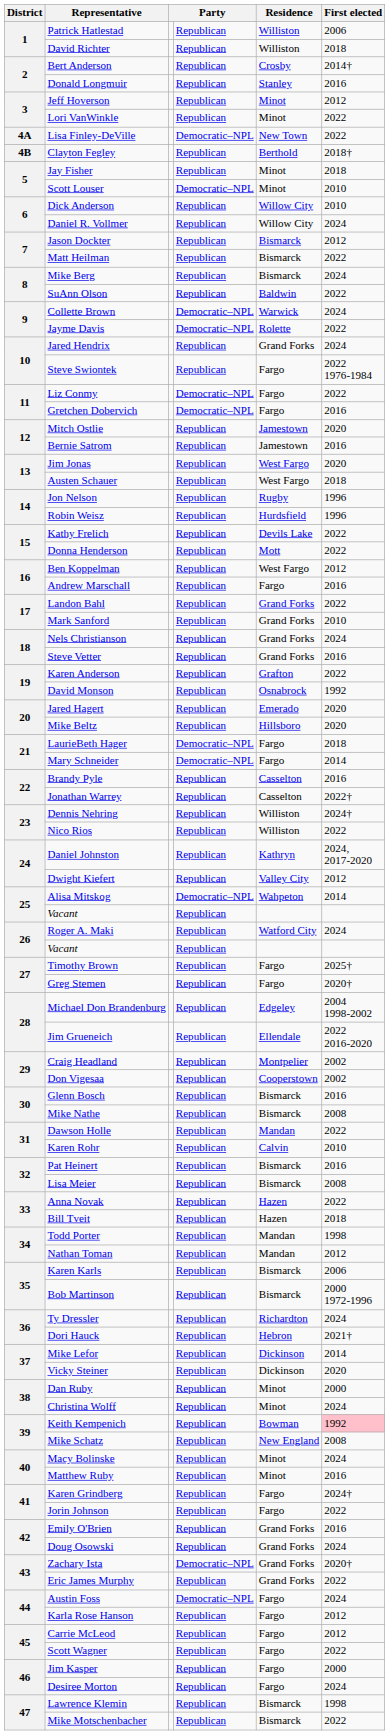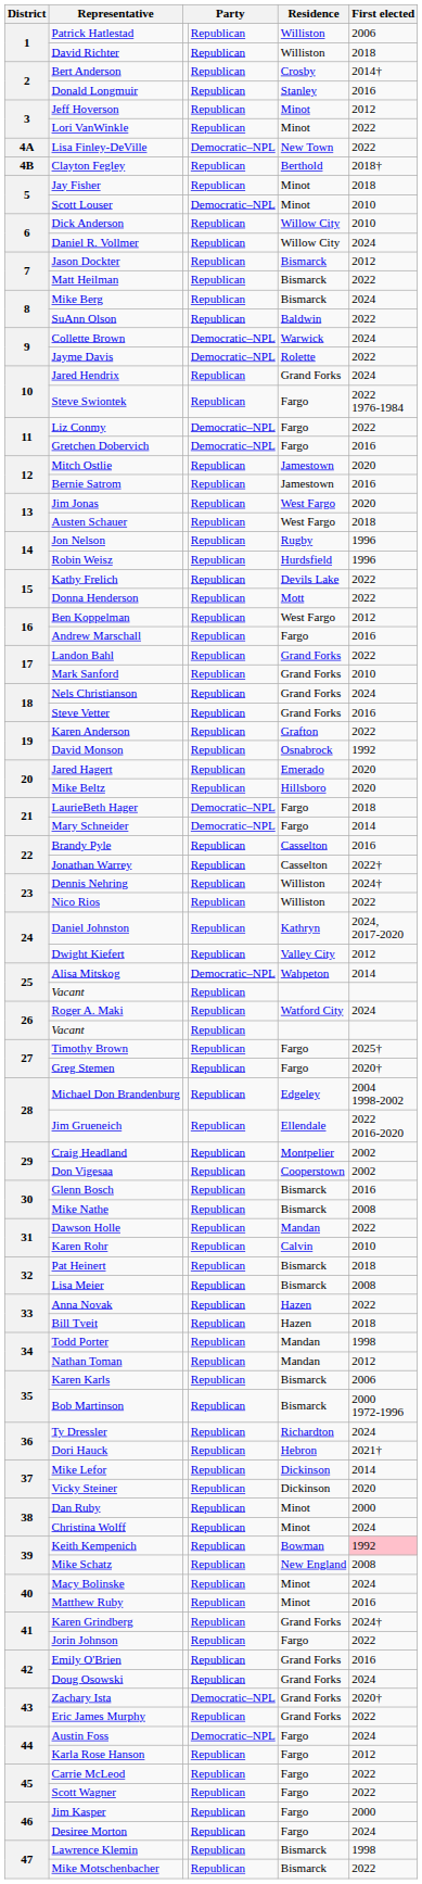 <table class="wikitable sortable">
 <tr>
 <th>District</th>
 <th>Representative</th>
 <th colspan="2">Party</th>
 <th>Residence</th>
 <th>First elected</th>
 </tr>
 <tr>
 <th rowspan=2>1</th>
 <td><a href='#'>Patrick Hatlestad</a></td>
 <td style="background:"></td>
 <td><a href='#'>Republican</a></td>
 <td><a href='#'>Williston</a></td>
 <td>2006</td>
 </tr>
 <tr>
 <td><a href='#'>David Richter</a></td>
 <td style="background:"></td>
 <td><a href='#'>Republican</a></td>
 <td>Williston</td>
 <td>2018</td>
 </tr>
 <tr>
 <th rowspan=2>2</th>
 <td><a href='#'>Bert Anderson</a></td>
 <td style="background:"></td>
 <td><a href='#'>Republican</a></td>
 <td><a href='#'>Crosby</a></td>
 <td>2014†</td>
 </tr>
 <tr>
 <td><a href='#'>Donald Longmuir</a></td>
 <td style="background:"></td>
 <td><a href='#'>Republican</a></td>
 <td><a href='#'>Stanley</a></td>
 <td>2016</td>
 </tr>
 <tr>
 <th rowspan=2>3</th>
 <td><a href='#'>Jeff Hoverson</a></td>
 <td style="background:"></td>
 <td><a href='#'>Republican</a></td>
 <td><a href='#'>Minot</a></td>
 <td>2012</td>
 </tr>
 <tr>
 <td><a href='#'>Lori VanWinkle</a></td>
 <td style="background:"></td>
 <td><a href='#'>Republican</a></td>
 <td>Minot</td>
 <td>2022</td>
 </tr>
 <tr>
 <th>4A</th>
 <td><a href='#'>Lisa Finley-DeVille</a></td>
 <td style="background:"></td>
 <td><a href='#'>Democratic–NPL</a></td>
 <td><a href='#'>New Town</a></td>
 <td>2022</td>
 </tr>
 <tr>
 <th>4B</th>
 <td><a href='#'>Clayton Fegley</a></td>
 <td style="background:"></td>
 <td><a href='#'>Republican</a></td>
 <td><a href='#'>Berthold</a></td>
 <td>2018†</td>
 </tr>
 <tr>
 <th rowspan=2>5</th>
 <td><a href='#'>Jay Fisher</a></td>
 <td style="background:"></td>
 <td><a href='#'>Republican</a></td>
 <td>Minot</td>
 <td>2018</td>
 </tr>
 <tr>
 <td><a href='#'>Scott Louser</a></td>
 <td style="background:"></td>
 <td><a href='#'>Democratic–NPL</a></td>
 <td>Minot</td>
 <td>2010</td>
 </tr>
 <tr>
 <th rowspan=2>6</th>
 <td><a href='#'>Dick Anderson</a></td>
 <td style="background:"></td>
 <td><a href='#'>Republican</a></td>
 <td><a href='#'>Willow City</a></td>
 <td>2010</td>
 </tr>
 <tr>
 <td><a href='#'>Daniel R. Vollmer</a></td>
 <td style="background:"></td>
 <td><a href='#'>Republican</a></td>
 <td>Willow City</td>
 <td>2024</td>
 </tr>
 <tr>
 <th rowspan=2>7</th>
 <td><a href='#'>Jason Dockter</a></td>
 <td style="background:"></td>
 <td><a href='#'>Republican</a></td>
 <td><a href='#'>Bismarck</a></td>
 <td>2012</td>
 </tr>
 <tr>
 <td><a href='#'>Matt Heilman</a></td>
 <td style="background:"></td>
 <td><a href='#'>Republican</a></td>
 <td>Bismarck</td>
 <td>2022</td>
 </tr>
 <tr>
 <th rowspan=2>8</th>
 <td><a href='#'>Mike Berg</a></td>
 <td style="background:"></td>
 <td><a href='#'>Republican</a></td>
 <td>Bismarck</td>
 <td>2024</td>
 </tr>
 <tr>
 <td><a href='#'>SuAnn Olson</a></td>
 <td style="background:"></td>
 <td><a href='#'>Republican</a></td>
 <td><a href='#'>Baldwin</a></td>
 <td>2022</td>
 </tr>
 <tr>
 <th rowspan=2>9</th>
 <td><a href='#'>Collette Brown</a></td>
 <td style="background:"></td>
 <td><a href='#'>Democratic–NPL</a></td>
 <td><a href='#'>Warwick</a></td>
 <td>2024</td>
 </tr>
 <tr>
 <td><a href='#'>Jayme Davis</a></td>
 <td style="background:"></td>
 <td><a href='#'>Democratic–NPL</a></td>
 <td><a href='#'>Rolette</a></td>
 <td>2022</td>
 </tr>
 <tr>
 <th rowspan=2>10</th>
 <td><a href='#'>Jared Hendrix</a></td>
 <td style="background:"></td>
 <td><a href='#'>Republican</a></td>
 <td>Grand Forks</td>
 <td>2024</td>
 </tr>
 <tr>
 <td><a href='#'>Steve Swiontek</a></td>
 <td style="background:"></td>
 <td><a href='#'>Republican</a></td>
 <td>Fargo</td>
 <td>2022<br>1976-1984</td>
 </tr>
 <tr>
 <th rowspan=2>11</th>
 <td><a href='#'>Liz Conmy</a></td>
 <td style="background:"></td>
 <td><a href='#'>Democratic–NPL</a></td>
 <td>Fargo</td>
 <td>2022</td>
 </tr>
 <tr>
 <td><a href='#'>Gretchen Dobervich</a></td>
 <td style="background:"></td>
 <td><a href='#'>Democratic–NPL</a></td>
 <td>Fargo</td>
 <td>2016</td>
 </tr>
 <tr>
 <th rowspan=2>12</th>
 <td><a href='#'>Mitch Ostlie</a></td>
 <td style="background:"></td>
 <td><a href='#'>Republican</a></td>
 <td><a href='#'>Jamestown</a></td>
 <td>2020</td>
 </tr>
 <tr>
 <td><a href='#'>Bernie Satrom</a></td>
 <td style="background:"></td>
 <td><a href='#'>Republican</a></td>
 <td>Jamestown</td>
 <td>2016</td>
 </tr>
 <tr>
 <th rowspan=2>13</th>
 <td><a href='#'>Jim Jonas</a></td>
 <td style="background:"></td>
 <td><a href='#'>Republican</a></td>
 <td><a href='#'>West Fargo</a></td>
 <td>2020</td>
 </tr>
 <tr>
 <td><a href='#'>Austen Schauer</a></td>
 <td style="background:"></td>
 <td><a href='#'>Republican</a></td>
 <td>West Fargo</td>
 <td>2018</td>
 </tr>
 <tr>
 <th rowspan=2>14</th>
 <td><a href='#'>Jon Nelson</a></td>
 <td style="background:"></td>
 <td><a href='#'>Republican</a></td>
 <td><a href='#'>Rugby</a></td>
 <td>1996</td>
 </tr>
 <tr>
 <td><a href='#'>Robin Weisz</a></td>
 <td style="background:"></td>
 <td><a href='#'>Republican</a></td>
 <td><a href='#'>Hurdsfield</a></td>
 <td>1996</td>
 </tr>
 <tr>
 <th rowspan=2>15</th>
 <td><a href='#'>Kathy Frelich</a></td>
 <td style="background:"></td>
 <td><a href='#'>Republican</a></td>
 <td><a href='#'>Devils Lake</a></td>
 <td>2022</td>
 </tr>
 <tr>
 <td><a href='#'>Donna Henderson</a></td>
 <td style="background:"></td>
 <td><a href='#'>Republican</a></td>
 <td><a href='#'>Mott</a></td>
 <td>2022</td>
 </tr>
 <tr>
 <th rowspan=2>16</th>
 <td><a href='#'>Ben Koppelman</a></td>
 <td style="background:"></td>
 <td><a href='#'>Republican</a></td>
 <td>West Fargo</td>
 <td>2012</td>
 </tr>
 <tr>
 <td><a href='#'>Andrew Marschall</a></td>
 <td style="background:"></td>
 <td><a href='#'>Republican</a></td>
 <td>Fargo</td>
 <td>2016</td>
 </tr>
 <tr>
 <th rowspan=2>17</th>
 <td><a href='#'>Landon Bahl</a></td>
 <td style="background:"></td>
 <td><a href='#'>Republican</a></td>
 <td><a href='#'>Grand Forks</a></td>
 <td>2022</td>
 </tr>
 <tr>
 <td><a href='#'>Mark Sanford</a></td>
 <td style="background:"></td>
 <td><a href='#'>Republican</a></td>
 <td>Grand Forks</td>
 <td>2010</td>
 </tr>
 <tr>
 <th rowspan=2>18</th>
 <td><a href='#'>Nels Christianson</a></td>
 <td style="background:"></td>
 <td><a href='#'>Republican</a></td>
 <td>Grand Forks</td>
 <td>2024</td>
 </tr>
 <tr>
 <td><a href='#'>Steve Vetter</a></td>
 <td style="background:"></td>
 <td><a href='#'>Republican</a></td>
 <td>Grand Forks</td>
 <td>2016</td>
 </tr>
 <tr>
 <th rowspan=2>19</th>
 <td><a href='#'>Karen Anderson</a></td>
 <td style="background:"></td>
 <td><a href='#'>Republican</a></td>
 <td><a href='#'>Grafton</a></td>
 <td>2022</td>
 </tr>
 <tr>
 <td><a href='#'>David Monson</a></td>
 <td style="background:"></td>
 <td><a href='#'>Republican</a></td>
 <td><a href='#'>Osnabrock</a></td>
 <td>1992</td>
 </tr>
 <tr>
 <th rowspan=2>20</th>
 <td><a href='#'>Jared Hagert</a></td>
 <td style="background:"></td>
 <td><a href='#'>Republican</a></td>
 <td><a href='#'>Emerado</a></td>
 <td>2020</td>
 </tr>
 <tr>
 <td><a href='#'>Mike Beltz</a></td>
 <td style="background:"></td>
 <td><a href='#'>Republican</a></td>
 <td><a href='#'>Hillsboro</a></td>
 <td>2020</td>
 </tr>
 <tr>
 <th rowspan=2>21</th>
 <td><a href='#'>LaurieBeth Hager</a></td>
 <td style="background:"></td>
 <td><a href='#'>Democratic–NPL</a></td>
 <td>Fargo</td>
 <td>2018</td>
 </tr>
 <tr>
 <td><a href='#'>Mary Schneider</a></td>
 <td style="background:"></td>
 <td><a href='#'>Democratic–NPL</a></td>
 <td>Fargo</td>
 <td>2014</td>
 </tr>
 <tr>
 <th rowspan=2>22</th>
 <td><a href='#'>Brandy Pyle</a></td>
 <td style="background:"></td>
 <td><a href='#'>Republican</a></td>
 <td><a href='#'>Casselton</a></td>
 <td>2016</td>
 </tr>
 <tr>
 <td><a href='#'>Jonathan Warrey</a></td>
 <td style="background:"></td>
 <td><a href='#'>Republican</a></td>
 <td>Casselton</td>
 <td>2022†</td>
 </tr>
 <tr>
 <th rowspan=2>23</th>
 <td><a href='#'>Dennis Nehring</a></td>
 <td style="background:"></td>
 <td><a href='#'>Republican</a></td>
 <td>Williston</td>
 <td>2024†</td>
 </tr>
 <tr>
 <td><a href='#'>Nico Rios</a></td>
 <td style="background:"></td>
 <td><a href='#'>Republican</a></td>
 <td>Williston</td>
 <td>2022</td>
 </tr>
 <tr>
 <th rowspan=2>24</th>
 <td><a href='#'>Daniel Johnston</a></td>
 <td style="background:"></td>
 <td><a href='#'>Republican</a></td>
 <td><a href='#'>Kathryn</a></td>
 <td>2024,<br>2017-2020</td>
 </tr>
 <tr>
 <td><a href='#'>Dwight Kiefert</a></td>
 <td style="background:"></td>
 <td><a href='#'>Republican</a></td>
 <td><a href='#'>Valley City</a></td>
 <td>2012</td>
 </tr>
 <tr>
 <th rowspan=2>25</th>
 <td><a href='#'>Alisa Mitskog</a></td>
 <td style="background:"></td>
 <td><a href='#'>Democratic–NPL</a></td>
 <td><a href='#'>Wahpeton</a></td>
 <td>2014</td>
 </tr>
 <tr>
 <td><em>Vacant</em></td>
 <td style="background:"></td>
 <td><a href='#'>Republican</a></td>
 <td></td>
 <td></td>
 </tr>
 <tr>
 <th rowspan=2>26</th>
 <td><a href='#'>Roger A. Maki</a></td>
 <td style="background:"></td>
 <td><a href='#'>Republican</a></td>
 <td><a href='#'>Watford City</a></td>
 <td>2024</td>
 </tr>
 <tr>
 <td><em>Vacant</em></td>
 <td style="background:"></td>
 <td><a href='#'>Republican</a></td>
 <td></td>
 <td></td>
 </tr>
 <tr>
 <th rowspan=2>27</th>
 <td><a href='#'>Timothy Brown</a></td>
 <td style="background:"></td>
 <td><a href='#'>Republican</a></td>
 <td>Fargo</td>
 <td>2025†</td>
 </tr>
 <tr>
 <td><a href='#'>Greg Stemen</a></td>
 <td style="background:"></td>
 <td><a href='#'>Republican</a></td>
 <td>Fargo</td>
 <td>2020†</td>
 </tr>
 <tr>
 <th rowspan=2>28</th>
 <td><a href='#'>Michael Don Brandenburg</a></td>
 <td style="background:"></td>
 <td><a href='#'>Republican</a></td>
 <td><a href='#'>Edgeley</a></td>
 <td>2004<br>1998-2002</td>
 </tr>
 <tr>
 <td><a href='#'>Jim Grueneich</a></td>
 <td style="background:"></td>
 <td><a href='#'>Republican</a></td>
 <td><a href='#'>Ellendale</a></td>
 <td>2022<br>2016-2020</td>
 </tr>
 <tr>
 <th rowspan=2>29</th>
 <td><a href='#'>Craig Headland</a></td>
 <td style="background:"></td>
 <td><a href='#'>Republican</a></td>
 <td><a href='#'>Montpelier</a></td>
 <td>2002</td>
 </tr>
 <tr>
 <td><a href='#'>Don Vigesaa</a></td>
 <td style="background:"></td>
 <td><a href='#'>Republican</a></td>
 <td><a href='#'>Cooperstown</a></td>
 <td>2002</td>
 </tr>
 <tr>
 <th rowspan=2>30</th>
 <td><a href='#'>Glenn Bosch</a></td>
 <td style="background:"></td>
 <td><a href='#'>Republican</a></td>
 <td>Bismarck</td>
 <td>2016</td>
 </tr>
 <tr>
 <td><a href='#'>Mike Nathe</a></td>
 <td style="background:"></td>
 <td><a href='#'>Republican</a></td>
 <td>Bismarck</td>
 <td>2008</td>
 </tr>
 <tr>
 <th rowspan=2>31</th>
 <td><a href='#'>Dawson Holle</a></td>
 <td style="background:"></td>
 <td><a href='#'>Republican</a></td>
 <td><a href='#'>Mandan</a></td>
 <td>2022</td>
 </tr>
 <tr>
 <td><a href='#'>Karen Rohr</a></td>
 <td style="background:"></td>
 <td><a href='#'>Republican</a></td>
 <td><a href='#'>Calvin</a></td>
 <td>2010</td>
 </tr>
 <tr>
 <th rowspan=2>32</th>
 <td><a href='#'>Pat Heinert</a></td>
 <td style="background:"></td>
 <td><a href='#'>Republican</a></td>
 <td>Bismarck</td>
-<td>2016</td>
+<td>2018</td>
 </tr>
 <tr>
 <td><a href='#'>Lisa Meier</a></td>
 <td style="background:"></td>
 <td><a href='#'>Republican</a></td>
 <td>Bismarck</td>
 <td>2008</td>
 </tr>
 <tr>
 <th rowspan=2>33</th>
 <td><a href='#'>Anna Novak</a></td>
 <td style="background:"></td>
 <td><a href='#'>Republican</a></td>
 <td><a href='#'>Hazen</a></td>
 <td>2022</td>
 </tr>
 <tr>
 <td><a href='#'>Bill Tveit</a></td>
 <td style="background:"></td>
 <td><a href='#'>Republican</a></td>
 <td>Hazen</td>
 <td>2018</td>
 </tr>
 <tr>
 <th rowspan=2>34</th>
 <td><a href='#'>Todd Porter</a></td>
 <td style="background:"></td>
 <td><a href='#'>Republican</a></td>
 <td>Mandan</td>
 <td>1998</td>
 </tr>
 <tr>
 <td><a href='#'>Nathan Toman</a></td>
 <td style="background:"></td>
 <td><a href='#'>Republican</a></td>
 <td>Mandan</td>
 <td>2012</td>
 </tr>
 <tr>
 <th rowspan=2>35</th>
 <td><a href='#'>Karen Karls</a></td>
 <td style="background:"></td>
 <td><a href='#'>Republican</a></td>
 <td>Bismarck</td>
 <td>2006</td>
 </tr>
 <tr>
 <td><a href='#'>Bob Martinson</a></td>
 <td style="background:"></td>
 <td><a href='#'>Republican</a></td>
 <td>Bismarck</td>
 <td>2000<br>1972-1996</td>
 </tr>
 <tr>
 <th rowspan=2>36</th>
 <td><a href='#'>Ty Dressler</a></td>
 <td style="background:"></td>
 <td><a href='#'>Republican</a></td>
 <td><a href='#'>Richardton</a></td>
 <td>2024</td>
 </tr>
 <tr>
 <td><a href='#'>Dori Hauck</a></td>
 <td style="background:"></td>
 <td><a href='#'>Republican</a></td>
 <td><a href='#'>Hebron</a></td>
 <td>2021†</td>
 </tr>
 <tr>
 <th rowspan=2>37</th>
 <td><a href='#'>Mike Lefor</a></td>
 <td style="background:"></td>
 <td><a href='#'>Republican</a></td>
 <td><a href='#'>Dickinson</a></td>
 <td>2014</td>
 </tr>
 <tr>
 <td><a href='#'>Vicky Steiner</a></td>
 <td style="background:"></td>
 <td><a href='#'>Republican</a></td>
 <td>Dickinson</td>
 <td>2020</td>
 </tr>
 <tr>
 <th rowspan=2>38</th>
 <td><a href='#'>Dan Ruby</a></td>
 <td style="background:"></td>
 <td><a href='#'>Republican</a></td>
 <td>Minot</td>
 <td>2000</td>
 </tr>
 <tr>
 <td><a href='#'>Christina Wolff</a></td>
 <td style="background:"></td>
 <td><a href='#'>Republican</a></td>
 <td>Minot</td>
 <td>2024</td>
 </tr>
 <tr>
 <th rowspan=2>39</th>
 <td><a href='#'>Keith Kempenich</a></td>
 <td style="background:"></td>
 <td><a href='#'>Republican</a></td>
 <td><a href='#'>Bowman</a></td>
 <td style="background: pink;">1992</td>
 </tr>
 <tr>
 <td><a href='#'>Mike Schatz</a></td>
 <td style="background:"></td>
 <td><a href='#'>Republican</a></td>
 <td><a href='#'>New England</a></td>
 <td>2008</td>
 </tr>
 <tr>
 <th rowspan=2>40</th>
 <td><a href='#'>Macy Bolinske</a></td>
 <td style="background:"></td>
 <td><a href='#'>Republican</a></td>
 <td>Minot</td>
 <td>2024</td>
 </tr>
 <tr>
 <td><a href='#'>Matthew Ruby</a></td>
 <td style="background:"></td>
 <td><a href='#'>Republican</a></td>
 <td>Minot</td>
 <td>2016</td>
 </tr>
 <tr>
 <th rowspan=2>41</th>
 <td><a href='#'>Karen Grindberg</a></td>
 <td style="background:"></td>
 <td><a href='#'>Republican</a></td>
-<td>Fargo</td>
+<td>Grand Forks</td>
 <td>2024†</td>
 </tr>
 <tr>
 <td><a href='#'>Jorin Johnson</a></td>
 <td style="background:"></td>
 <td><a href='#'>Republican</a></td>
 <td>Fargo</td>
 <td>2022</td>
 </tr>
 <tr>
 <th rowspan=2>42</th>
 <td><a href='#'>Emily O'Brien</a></td>
 <td style="background:"></td>
 <td><a href='#'>Republican</a></td>
 <td>Grand Forks</td>
 <td>2016</td>
 </tr>
 <tr>
 <td><a href='#'>Doug Osowski</a></td>
 <td style="background:"></td>
 <td><a href='#'>Republican</a></td>
 <td>Grand Forks</td>
 <td>2024</td>
 </tr>
 <tr>
 <th rowspan=2>43</th>
 <td><a href='#'>Zachary Ista</a></td>
 <td style="background:"></td>
 <td><a href='#'>Democratic–NPL</a></td>
 <td>Grand Forks</td>
 <td>2020†</td>
 </tr>
 <tr>
 <td><a href='#'>Eric James Murphy</a></td>
 <td style="background:"></td>
 <td><a href='#'>Republican</a></td>
 <td>Grand Forks</td>
 <td>2022</td>
 </tr>
 <tr>
 <th rowspan=2>44</th>
 <td><a href='#'>Austin Foss</a></td>
 <td style="background:"></td>
 <td><a href='#'>Democratic–NPL</a></td>
 <td>Fargo</td>
 <td>2024</td>
 </tr>
 <tr>
 <td><a href='#'>Karla Rose Hanson</a></td>
 <td style="background:"></td>
 <td><a href='#'>Republican</a></td>
 <td>Fargo</td>
 <td>2012</td>
 </tr>
 <tr>
 <th rowspan=2>45</th>
 <td><a href='#'>Carrie McLeod</a></td>
 <td style="background:"></td>
 <td><a href='#'>Republican</a></td>
 <td>Fargo</td>
-<td>2012</td>
+<td>2022</td>
 </tr>
 <tr>
 <td><a href='#'>Scott Wagner</a></td>
 <td style="background:"></td>
 <td><a href='#'>Republican</a></td>
 <td>Fargo</td>
 <td>2022</td>
 </tr>
 <tr>
 <th rowspan=2>46</th>
 <td><a href='#'>Jim Kasper</a></td>
 <td style="background:"></td>
 <td><a href='#'>Republican</a></td>
 <td>Fargo</td>
 <td>2000</td>
 </tr>
 <tr>
 <td><a href='#'>Desiree Morton</a></td>
 <td style="background:"></td>
 <td><a href='#'>Republican</a></td>
 <td>Fargo</td>
 <td>2024</td>
 </tr>
 <tr>
 <th rowspan=2>47</th>
 <td><a href='#'>Lawrence Klemin</a></td>
 <td style="background:"></td>
 <td><a href='#'>Republican</a></td>
 <td>Bismarck</td>
 <td>1998</td>
 </tr>
 <tr>
 <td><a href='#'>Mike Motschenbacher</a></td>
 <td style="background:"></td>
 <td><a href='#'>Republican</a></td>
 <td>Bismarck</td>
 <td>2022</td>
 </tr>
 </table>
